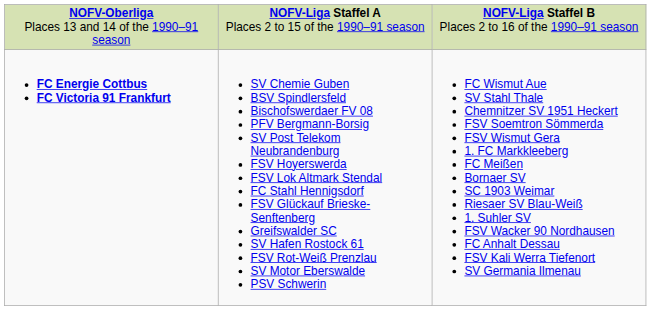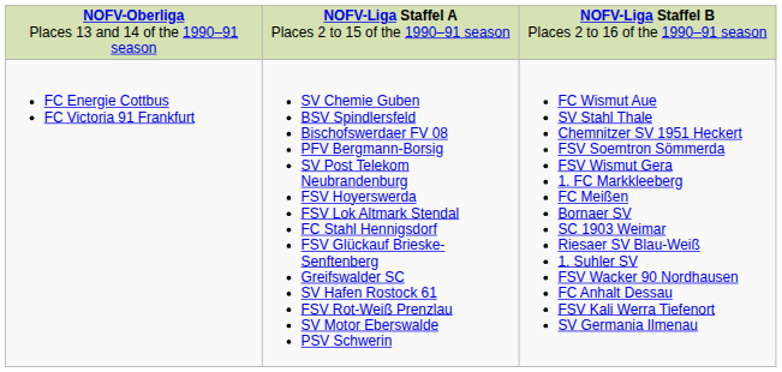 <table class="wikitable">
 <tr style="background:#D6E2B3; text-align:center; vertical-align:top;">
 <td style="width:33%"><strong><a href='#'>NOFV-Oberliga</a></strong><br>Places 13 and 14 of the <a href='#'>1990–91 season</a></td>
 <td style="width:33%"><strong><a href='#'>NOFV-Liga</a> Staffel A</strong><br>Places 2 to 15 of the <a href='#'>1990–91 season</a></td>
 <td style="width:33%"><strong><a href='#'>NOFV-Liga</a> Staffel B</strong><br>Places 2 to 16 of the <a href='#'>1990–91 season</a></td>
 </tr>
 <tr style="vertical-align:top">
-<td><strong><br><ul><li><a href='#'>FC Energie Cottbus</a></li><li><a href='#'>FC Victoria 91 Frankfurt</a></li></ul></strong></td>
+<td><br><ul><li><a href='#'>FC Energie Cottbus</a></li><li><a href='#'>FC Victoria 91 Frankfurt</a></li></ul></td>
 <td><br><ul><li><a href='#'>SV Chemie Guben</a></li><li><a href='#'>BSV Spindlersfeld</a></li><li><a href='#'>Bischofswerdaer FV 08</a></li><li><a href='#'>PFV Bergmann-Borsig</a></li><li><a href='#'>SV Post Telekom Neubrandenburg</a></li><li><a href='#'>FSV Hoyerswerda</a></li><li><a href='#'>FSV Lok Altmark Stendal</a></li><li><a href='#'>FC Stahl Hennigsdorf</a></li><li><a href='#'>FSV Glückauf Brieske-Senftenberg</a></li><li><a href='#'>Greifswalder SC</a></li><li><a href='#'>SV Hafen Rostock 61</a></li><li><a href='#'>FSV Rot-Weiß Prenzlau</a></li><li><a href='#'>SV Motor Eberswalde</a></li><li><a href='#'>PSV Schwerin</a></li></ul></td>
 <td><br><ul><li><a href='#'>FC Wismut Aue</a></li><li><a href='#'>SV Stahl Thale</a></li><li><a href='#'>Chemnitzer SV 1951 Heckert</a></li><li><a href='#'>FSV Soemtron Sömmerda</a></li><li><a href='#'>FSV Wismut Gera</a></li><li><a href='#'>1. FC Markkleeberg</a></li><li><a href='#'>FC Meißen</a></li><li><a href='#'>Bornaer SV</a></li><li><a href='#'>SC 1903 Weimar</a></li><li><a href='#'>Riesaer SV Blau-Weiß</a></li><li><a href='#'>1. Suhler SV</a></li><li><a href='#'>FSV Wacker 90 Nordhausen</a></li><li><a href='#'>FC Anhalt Dessau</a></li><li><a href='#'>FSV Kali Werra Tiefenort</a></li><li><a href='#'>SV Germania Ilmenau</a></li></ul></td>
 </tr>
 </table>
